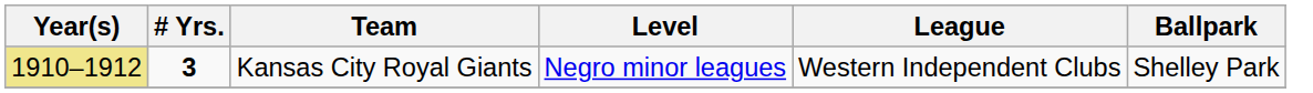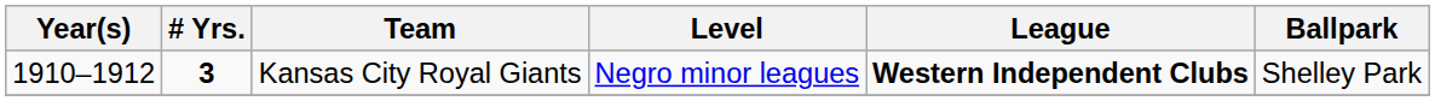 <table class="wikitable" style="text-align:center; font-size: 95%;">
 <tr>
 <th>Year(s)</th>
 <th># Yrs.</th>
 <th>Team</th>
 <th>Level</th>
 <th>League</th>
 <th>Ballpark</th>
 </tr>
 <tr>
-<td style="background: khaki;">1910–1912</td>
+<td>1910–1912</td>
 <td><strong>3</strong></td>
 <td>Kansas City Royal Giants</td>
 <td><a href='#'>Negro minor leagues</a></td>
-<td>Western Independent Clubs</td>
+<td><strong>Western Independent Clubs</strong></td>
 <td>Shelley Park</td>
 </tr>
 <tr>
 </tr>
 </table>
